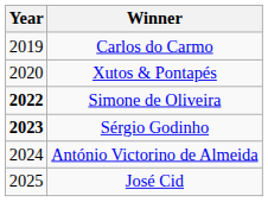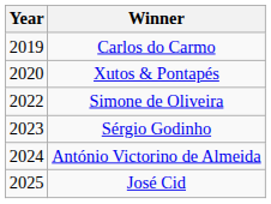 <table class="wikitable sortable">
 <tr>
 <th>Year</th>
 <th>Winner</th>
 </tr>
 <tr>
 <td align="center">2019</td>
 <td align="center"><a href='#'>Carlos do Carmo</a></td>
 </tr>
 <tr>
 <td align="center">2020</td>
 <td align="center"><a href='#'>Xutos & Pontapés</a></td>
 </tr>
 <tr>
-<td align="center"><strong>2022</strong></td>
+<td align="center">2022</td>
 <td align="center"><a href='#'>Simone de Oliveira</a></td>
 </tr>
 <tr>
-<td align="center"><strong>2023</strong></td>
+<td align="center">2023</td>
 <td align="center"><a href='#'>Sérgio Godinho</a></td>
 </tr>
 <tr>
 <td align="center">2024</td>
 <td align="center"><a href='#'>António Victorino de Almeida</a></td>
 </tr>
 <tr>
 <td align="center">2025</td>
 <td align="center"><a href='#'>José Cid</a></td>
 </tr>
 </table>
